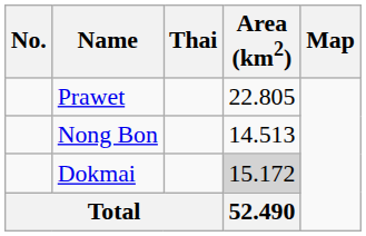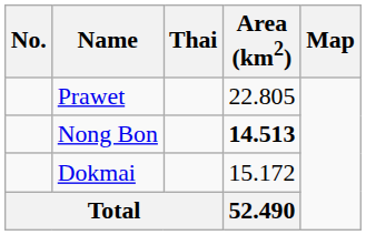 <table class="wikitable sortable">
 <tr>
 <th>No.</th>
 <th>Name</th>
 <th>Thai</th>
 <th>Area<br>(km<sup>2</sup>)</th>
 <th>Map</th>
 </tr>
 <tr>
 <td></td>
 <td><a href='#'>Prawet</a></td>
 <td></td>
 <td><div>22.805</div></td>
 <td rowspan=4></td>
 </tr>
 <tr>
 <td></td>
 <td><a href='#'>Nong Bon</a></td>
 <td></td>
-<td><div>14.513</div></td>
+<td><strong><div>14.513</div></strong></td>
 </tr>
 <tr>
 <td></td>
 <td><a href='#'>Dokmai</a></td>
 <td></td>
-<td style="background: lightgrey;"><div>15.172</div></td>
+<td><div>15.172</div></td>
 </tr>
 <tr>
 <th colspan=3>Total</th>
 <th><div>52.490</div></th>
 </tr>
 </table>
